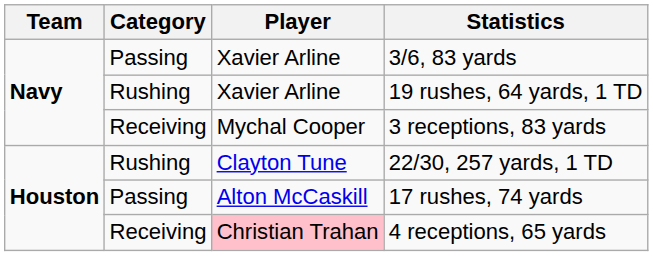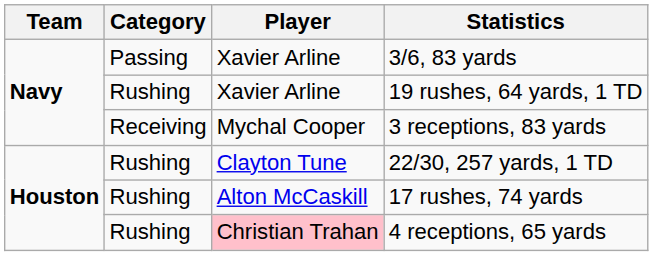 <table class="wikitable" style="float: left;">
 <tr>
 <th>Team</th>
 <th>Category</th>
 <th>Player</th>
 <th>Statistics</th>
 </tr>
 <tr>
 <td rowspan=3><strong>Navy</strong></td>
 <td>Passing</td>
 <td>Xavier Arline</td>
 <td>3/6, 83 yards</td>
 </tr>
 <tr>
 <td>Rushing</td>
 <td>Xavier Arline</td>
 <td>19 rushes, 64 yards, 1 TD</td>
 </tr>
 <tr>
 <td>Receiving</td>
 <td>Mychal Cooper</td>
 <td>3 receptions, 83 yards</td>
 </tr>
 <tr>
 <td rowspan=3><strong>Houston</strong></td>
 <td>Rushing</td>
 <td><a href='#'>Clayton Tune</a></td>
 <td>22/30, 257 yards, 1 TD</td>
 </tr>
 <tr>
-<td>Passing</td>
+<td>Rushing</td>
 <td><a href='#'>Alton McCaskill</a></td>
 <td>17 rushes, 74 yards</td>
 </tr>
 <tr>
-<td>Receiving</td>
+<td>Rushing</td>
 <td style="background: pink;">Christian Trahan</td>
 <td>4 receptions, 65 yards</td>
 </tr>
 </table>
